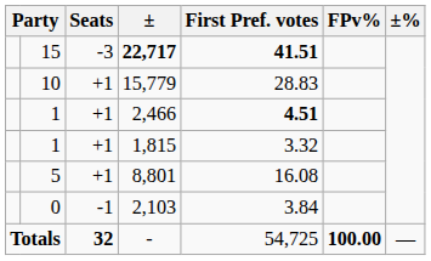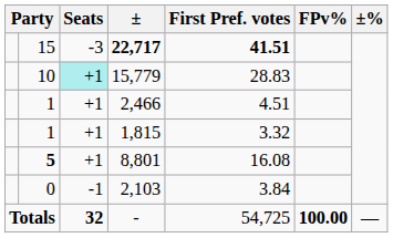 <table class=wikitable>
 <tr>
 <th colspan=2 align=center>Party</th>
 <th valign=top>Seats</th>
 <th valign=top>±</th>
 <th valign=top>First Pref. votes</th>
 <th valign=top>FPv%</th>
 <th valign=top>±%</th>
 </tr>
 <tr>
 <td></td>
 <td align=right>15</td>
 <td align=right>-3</td>
 <td align=right><strong>22,717</strong></td>
 <td align=right><strong>41.51</strong></td>
 <td align=right></td>
 </tr>
 <tr>
 <td></td>
 <td align=right>10</td>
-<td align=right>+1</td>
+<td align=right style="background: paleturquoise;">+1</td>
 <td align=right>15,779</td>
 <td align=right>28.83</td>
 <td align=right></td>
 </tr>
 <tr>
 <td></td>
 <td align=right>1</td>
 <td align=right>+1</td>
 <td align=right>2,466</td>
-<td align=right><strong>4.51</strong></td>
+<td align=right>4.51</td>
 <td align=right></td>
 </tr>
 <tr>
 <td></td>
 <td align=right>1</td>
 <td align=right>+1</td>
 <td align=right>1,815</td>
 <td align=right>3.32</td>
 <td align=right></td>
 </tr>
 <tr>
 <td></td>
-<td align=right>5</td>
+<td align=right><strong>5</strong></td>
 <td align=right>+1</td>
 <td align=right>8,801</td>
 <td align=right>16.08</td>
 <td align=right></td>
 </tr>
 <tr>
 <td></td>
 <td align=right>0</td>
 <td align=right>-1</td>
 <td align=right>2,103</td>
 <td align=right>3.84</td>
 <td align=right></td>
 </tr>
 <tr>
 <td colspan=2 align=center><strong>Totals</strong></td>
 <td align=right><strong>32</strong></td>
 <td align=center>-</td>
 <td align=right>54,725</td>
 <td align=center><strong>100.00</strong></td>
 <td align=center>—</td>
 </tr>
 </table>
